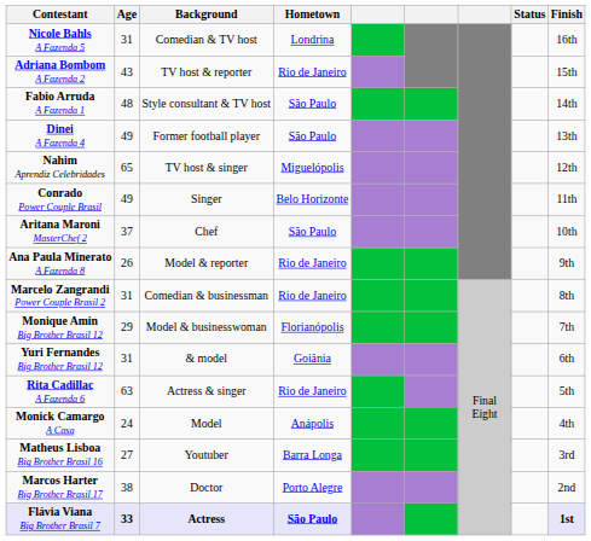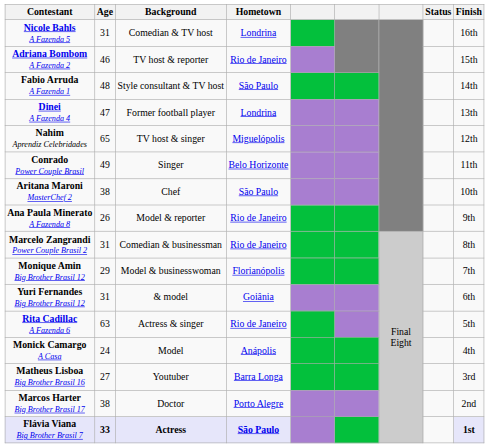 <table class= "wikitable sortable" style="text-align: center; margin:auto; align: center">
 <tr>
 <th>Contestant</th>
 <th>Age</th>
 <th>Background</th>
 <th>Hometown</th>
 <th width=65></th>
 <th width=65></th>
 <th width=65></th>
 <th>Status</th>
 <th>Finish</th>
 </tr>
 <tr>
 <td><strong><a href='#'>Nicole Bahls</a></strong><br><small><em><a href='#'>A Fazenda 5</a></em></small></td>
 <td>31</td>
 <td>Comedian & TV host</td>
 <td><a href='#'>Londrina</a></td>
 <td bgcolor=03C03C><div></div></td>
 <td bgcolor=gray rowspan=2></td>
 <td bgcolor=gray rowspan=8></td>
 <td><div> <br> </div></td>
 <td><div>16th</div></td>
 </tr>
 <tr>
 <td><strong><a href='#'>Adriana Bombom</a></strong><br><small><em><a href='#'>A Fazenda 2</a></em></small></td>
-<td>43</td>
+<td>46</td>
 <td>TV host & reporter</td>
 <td><a href='#'>Rio de Janeiro</a></td>
 <td bgcolor=A87ED0><div></div></td>
 <td><div> <br> </div></td>
 <td><div>15th</div></td>
 </tr>
 <tr>
 <td><strong>Fabio Arruda</strong><br><small><em><a href='#'>A Fazenda 1</a></em></small></td>
 <td>48</td>
 <td>Style consultant & TV host</td>
 <td><a href='#'>São Paulo</a></td>
 <td bgcolor=03C03C><div></div></td>
 <td bgcolor=03C03C><div></div></td>
 <td><div> <br> </div></td>
 <td><div>14th</div></td>
 </tr>
 <tr>
 <td><strong><a href='#'>Dinei</a></strong><br><small><em><a href='#'>A Fazenda 4</a></em></small></td>
-<td>49</td>
+<td>47</td>
 <td>Former football player</td>
-<td><a href='#'>São Paulo</a></td>
+<td><a href='#'>Londrina</a></td>
 <td bgcolor=A87ED0><div></div></td>
 <td bgcolor=A87ED0><div></div></td>
 <td><div> <br> </div></td>
 <td><div>13th</div></td>
 </tr>
 <tr>
 <td nowrap><strong>Nahim</strong><br><small><em>Aprendiz Celebridades</em></small></td>
 <td>65</td>
 <td>TV host & singer</td>
 <td><a href='#'>Miguelópolis</a></td>
 <td bgcolor=A87ED0><div></div></td>
 <td bgcolor=A87ED0><div></div></td>
 <td><div> <br> </div></td>
 <td><div>12th</div></td>
 </tr>
 <tr>
 <td><strong>Conrado</strong><br><small><em><a href='#'>Power Couple Brasil</a></em></small></td>
 <td>49</td>
 <td>Singer</td>
 <td><a href='#'>Belo Horizonte</a></td>
 <td bgcolor=A87ED0><div></div></td>
 <td bgcolor=A87ED0><div></div></td>
 <td><div> <br> </div></td>
 <td><div>11th</div></td>
 </tr>
 <tr>
 <td><strong>Aritana Maroni</strong><br><small><em><a href='#'>MasterChef 2</a></em></small></td>
-<td>37</td>
+<td>38</td>
 <td>Chef</td>
 <td><a href='#'>São Paulo</a></td>
 <td bgcolor=A87ED0><div></div></td>
 <td bgcolor=A87ED0><div></div></td>
 <td><div> <br> </div></td>
 <td><div>10th</div></td>
 </tr>
 <tr>
 <td><strong>Ana Paula Minerato</strong><br><small><em><a href='#'>A Fazenda 8</a></em></small></td>
 <td>26</td>
 <td>Model & reporter</td>
 <td><a href='#'>Rio de Janeiro</a></td>
 <td bgcolor=03C03C><div></div></td>
 <td bgcolor=03C03C><div></div></td>
 <td><div> <br> </div></td>
 <td><div>9th</div></td>
 </tr>
 <tr>
 <td><strong>Marcelo Zangrandi</strong><br><small><em><a href='#'>Power Couple Brasil 2</a></em></small></td>
 <td>31</td>
 <td>Comedian & businessman</td>
 <td><a href='#'>Rio de Janeiro</a></td>
 <td bgcolor=03C03C><div></div></td>
 <td bgcolor=03C03C><div></div></td>
 <td bgcolor="CCCCCC" rowspan=8><div>Final Eight</div></td>
 <td><div> <br> </div></td>
 <td><div>8th</div></td>
 </tr>
 <tr>
 <td><strong>Monique Amin</strong><br><small><em><a href='#'>Big Brother Brasil 12</a></em></small></td>
 <td>29</td>
 <td>Model & businesswoman</td>
 <td><a href='#'>Florianópolis</a></td>
 <td bgcolor=03C03C><div></div></td>
 <td bgcolor=03C03C><div></div></td>
 <td><div> <br> </div></td>
 <td><div>7th</div></td>
 </tr>
 <tr>
 <td><strong>Yuri Fernandes</strong><br><small><em><a href='#'>Big Brother Brasil 12</a></em></small></td>
 <td>31</td>
 <td> & model</td>
 <td><a href='#'>Goiânia</a></td>
 <td bgcolor=A87ED0><div></div></td>
 <td bgcolor=A87ED0><div></div></td>
 <td><div> <br> </div></td>
 <td><div>6th</div></td>
 </tr>
 <tr>
 <td><strong><a href='#'>Rita Cadillac</a></strong><br><small><em><a href='#'>A Fazenda 6</a></em></small></td>
 <td>63</td>
 <td>Actress & singer</td>
 <td><a href='#'>Rio de Janeiro</a></td>
 <td bgcolor=03C03C><div></div></td>
 <td bgcolor=A87ED0><div></div></td>
 <td><div> <br> </div></td>
 <td><div>5th</div></td>
 </tr>
 <tr>
 <td><strong>Monick Camargo</strong><br><small><em><a href='#'>A Casa</a></em></small></td>
 <td>24</td>
 <td>Model</td>
 <td><a href='#'>Anápolis</a></td>
 <td bgcolor=03C03C><div></div></td>
 <td bgcolor=03C03C><div></div></td>
 <td><div> <br> </div></td>
 <td><div>4th</div></td>
 </tr>
 <tr>
 <td><strong>Matheus Lisboa</strong><br><small><em><a href='#'>Big Brother Brasil 16</a></em></small></td>
 <td>27</td>
 <td>Youtuber</td>
 <td><a href='#'>Barra Longa</a></td>
 <td bgcolor=03C03C><div></div></td>
 <td bgcolor=03C03C><div></div></td>
 <td><div> <br> </div></td>
 <td><div>3rd</div></td>
 </tr>
 <tr>
 <td><strong>Marcos Harter</strong><br><small><em><a href='#'>Big Brother Brasil 17</a></em></small></td>
 <td>38</td>
 <td>Doctor</td>
 <td><a href='#'>Porto Alegre</a></td>
 <td bgcolor=A87ED0><div></div></td>
 <td bgcolor=A87ED0><div></div></td>
 <td><div> <br> </div></td>
 <td><div>2nd</div></td>
 </tr>
 <tr>
 <td bgcolor="E6E6FA"><strong>Flávia Viana</strong><br><small><em><a href='#'>Big Brother Brasil 7</a></em></small></td>
 <td bgcolor="E6E6FA"><strong>33</strong></td>
 <td bgcolor="E6E6FA"><strong>Actress</strong></td>
 <td bgcolor="E6E6FA"><strong><a href='#'>São Paulo</a></strong></td>
 <td bgcolor=A87ED0><div></div></td>
 <td bgcolor=03C03C><div></div></td>
 <td><div> <br> </div></td>
 <td bgcolor="E6E6FA"><div><strong>1st</strong></div></td>
 </tr>
 </table>
